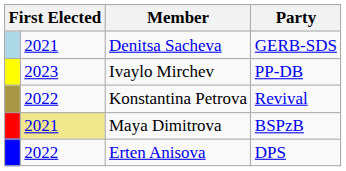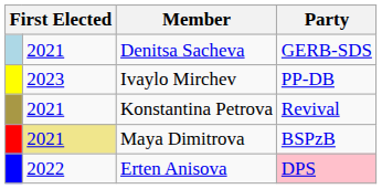 <table class="wikitable">
 <tr>
 <th colspan="2">First Elected</th>
 <th>Member</th>
 <th>Party</th>
 </tr>
 <tr>
 <td style="background-color: lightblue"></td>
 <td><a href='#'>2021</a></td>
 <td><a href='#'>Denitsa Sacheva</a></td>
 <td><a href='#'>GERB-SDS</a></td>
 </tr>
 <tr>
 <td style="background-color: yellow"></td>
 <td><a href='#'>2023</a></td>
 <td>Ivaylo Mirchev</td>
 <td><a href='#'>PP-DB</a></td>
 </tr>
 <tr>
 <td style="background-color: #a89845"></td>
-<td><a href='#'>2022</a></td>
+<td><a href='#'>2021</a></td>
 <td>Konstantina Petrova</td>
 <td><a href='#'>Revival</a></td>
 </tr>
 <tr>
 <td style="background-color: red"></td>
 <td style="background: khaki;"><a href='#'>2021</a></td>
 <td>Maya Dimitrova</td>
 <td><a href='#'>BSPzB</a></td>
 </tr>
 <tr>
 <td style="background-color: blue"></td>
 <td><a href='#'>2022</a></td>
 <td><a href='#'>Erten Anisova</a></td>
-<td><a href='#'>DPS</a></td>
+<td style="background: pink;"><a href='#'>DPS</a></td>
 </tr>
 </table>
